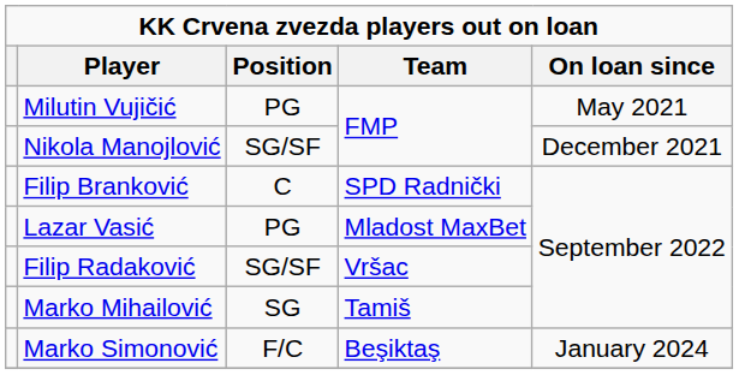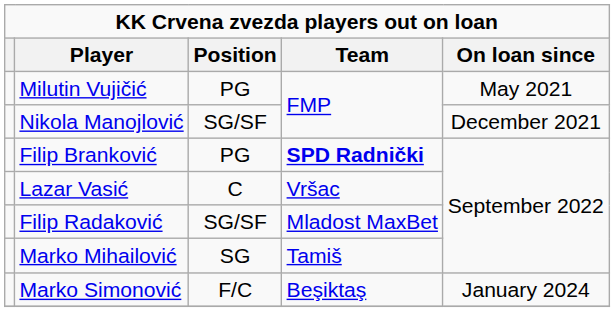 <table class="wikitable sortable" style="font-size: 95%; text-align:center;">
 <tr>
 <td colspan=6><strong>KK Crvena zvezda players out on loan</strong></td>
 </tr>
 <tr>
 <th></th>
 <th>Player</th>
 <th>Position</th>
 <th>Team</th>
 <th>On loan since</th>
 </tr>
 <tr>
 <td></td>
 <td style="text-align:left;"><a href='#'>Milutin Vujičić</a></td>
 <td>PG</td>
 <td style="text-align:left;" rowspan=2> <a href='#'>FMP</a></td>
 <td>May 2021</td>
 </tr>
 <tr>
 <td></td>
 <td style="text-align:left;"><a href='#'>Nikola Manojlović</a></td>
 <td>SG/SF</td>
 <td>December 2021</td>
 </tr>
 <tr>
 <td></td>
 <td style="text-align:left;"><a href='#'>Filip Branković</a></td>
-<td>C</td>
-<td style="text-align:left;"> <a href='#'>SPD Radnički</a></td>
+<td>PG</td>
+<td style="text-align:left;"><strong> <a href='#'>SPD Radnički</a></strong></td>
 <td rowspan=4>September 2022</td>
 </tr>
 <tr>
 <td></td>
 <td style="text-align:left;"><a href='#'>Lazar Vasić</a></td>
-<td>PG</td>
-<td style="text-align:left;"> <a href='#'>Mladost MaxBet</a></td>
+<td>C</td>
+<td style="text-align:left;"> <a href='#'>Vršac</a></td>
 </tr>
 <tr>
 <td></td>
 <td style="text-align:left;"><a href='#'>Filip Radaković</a></td>
 <td>SG/SF</td>
-<td style="text-align:left;"> <a href='#'>Vršac</a></td>
+<td style="text-align:left;"> <a href='#'>Mladost MaxBet</a></td>
 </tr>
 <tr>
 <td></td>
 <td style="text-align:left;"><a href='#'>Marko Mihailović</a></td>
 <td>SG</td>
 <td style="text-align:left;"> <a href='#'>Tamiš</a></td>
 </tr>
 <tr>
 <td></td>
 <td style="text-align:left;"><a href='#'>Marko Simonović</a></td>
 <td>F/C</td>
 <td style="text-align:left;"> <a href='#'>Beşiktaş</a></td>
 <td>January 2024</td>
 </tr>
 <tr>
 </tr>
 </table>
